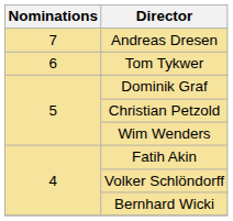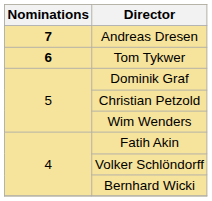 <table class="wikitable" rowspan=2 style="text-align: center; background: #f6e39c">
 <tr>
 <th scope="col" width="55">Nominations</th>
 <th scope="col" align="center">Director</th>
 </tr>
 <tr>
-<td rowspan="1" style="text-align:center">7</td>
+<td rowspan="1" style="text-align:center"><strong>7</strong></td>
 <td>Andreas Dresen</td>
 </tr>
 <tr>
-<td rowspan="1" style="text-align:center">6</td>
+<td rowspan="1" style="text-align:center"><strong>6</strong></td>
 <td>Tom Tykwer</td>
 </tr>
 <tr>
 <td rowspan="3" style="text-align:center">5</td>
 <td>Dominik Graf</td>
 </tr>
 <tr>
 <td>Christian Petzold</td>
 </tr>
 <tr>
 <td>Wim Wenders</td>
 </tr>
 <tr>
 <td rowspan="3" style="text-align:center">4</td>
 <td>Fatih Akin</td>
 </tr>
 <tr>
 <td>Volker Schlöndorff</td>
 </tr>
 <tr>
 <td>Bernhard Wicki</td>
 </tr>
 <tr>
 </tr>
 </table>
